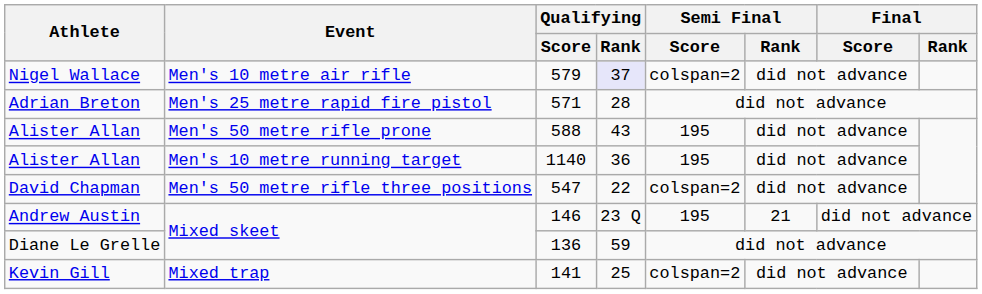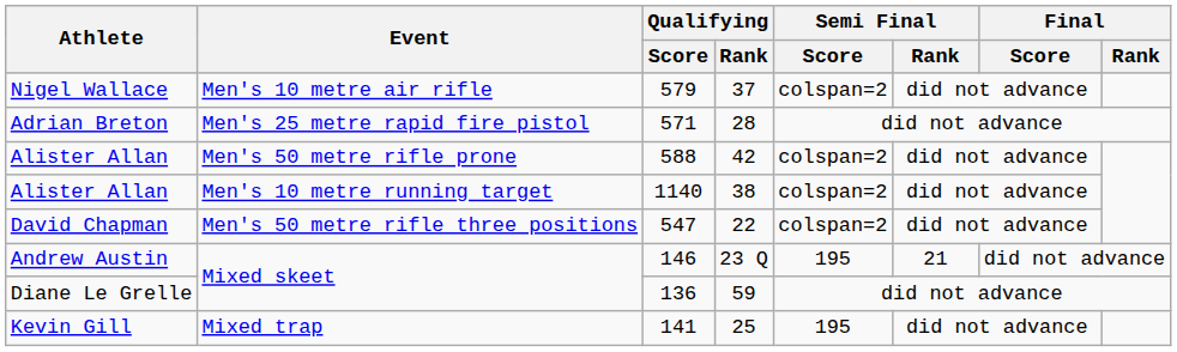 <table class=wikitable style="font-size:90%">
 <tr>
 <th rowspan=2>Athlete</th>
 <th rowspan=2>Event</th>
 <th colspan=2>Qualifying</th>
 <th colspan=2>Semi Final</th>
 <th colspan=2>Final</th>
 </tr>
 <tr>
 <th>Score</th>
 <th>Rank</th>
 <th>Score</th>
 <th>Rank</th>
 <th>Score</th>
 <th>Rank</th>
 </tr>
 <tr style="text-align:center;">
 <td style="text-align:left;"><a href='#'>Nigel Wallace</a></td>
 <td style="text-align:left;"><a href='#'>Men's 10 metre air rifle</a></td>
 <td>579</td>
-<td style="background: lavender;">37</td>
+<td>37</td>
 <td>colspan=2</td>
 <td colspan=2>did not advance</td>
 </tr>
 <tr style="text-align:center;">
 <td style="text-align:left;"><a href='#'>Adrian Breton</a></td>
 <td style="text-align:left;"><a href='#'>Men's 25 metre rapid fire pistol</a></td>
 <td>571</td>
 <td>28</td>
 <td colspan=4>did not advance</td>
 </tr>
 <tr style="text-align:center;">
 <td style="text-align:left;"><a href='#'>Alister Allan</a></td>
 <td style="text-align:left;"><a href='#'>Men's 50 metre rifle prone</a></td>
 <td>588</td>
-<td>43</td>
-<td>195</td>
+<td>42</td>
+<td>colspan=2</td>
 <td colspan=2>did not advance</td>
 </tr>
 <tr style="text-align:center;">
 <td style="text-align:left;"><a href='#'>Alister Allan</a></td>
 <td style="text-align:left;"><a href='#'>Men's 10 metre running target</a></td>
 <td>1140</td>
-<td>36</td>
-<td>195</td>
+<td>38</td>
+<td>colspan=2</td>
 <td colspan=2>did not advance</td>
 </tr>
 <tr style="text-align:center;">
 <td style="text-align:left;"><a href='#'>David Chapman</a></td>
 <td style="text-align:left;"><a href='#'>Men's 50 metre rifle three positions</a></td>
 <td>547</td>
 <td>22</td>
 <td>colspan=2</td>
 <td colspan=2>did not advance</td>
 </tr>
 <tr style="text-align:center;">
 <td style="text-align:left;"><a href='#'>Andrew Austin</a></td>
 <td style="text-align:left;" rowspan=2><a href='#'>Mixed skeet</a></td>
 <td>146</td>
 <td>23 Q</td>
 <td>195</td>
 <td>21</td>
 <td colspan=2>did not advance</td>
 </tr>
 <tr style="text-align:center;">
 <td style="text-align:left;">Diane Le Grelle</td>
 <td>136</td>
 <td>59</td>
 <td colspan=4>did not advance</td>
 </tr>
 <tr style="text-align:center;">
 <td style="text-align:left;"><a href='#'>Kevin Gill</a></td>
 <td style="text-align:left;"><a href='#'>Mixed trap</a></td>
 <td>141</td>
 <td>25</td>
-<td>colspan=2</td>
+<td>195</td>
 <td colspan=2>did not advance</td>
 </tr>
 </table>
